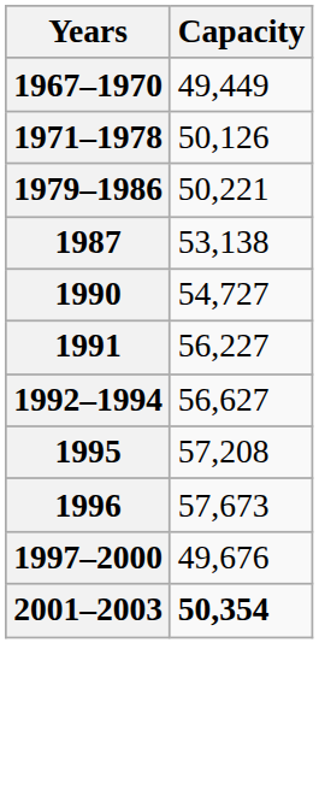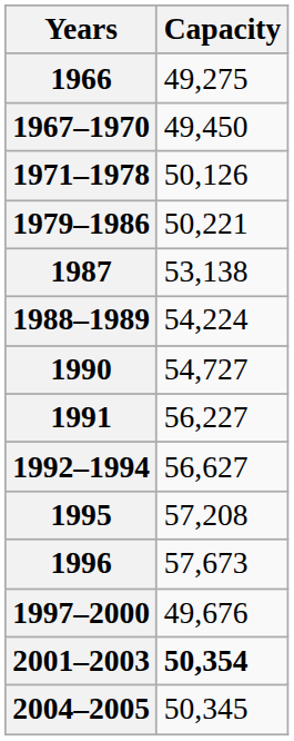 <table class="wikitable">
 <tr>
 <th scope="row">Years</th>
 <th scope="row">Capacity</th>
 </tr>
 <tr>
+<th scope="row">1966</th>
+<td>49,275</td>
+</tr>
+<tr>
 <th scope="row">1967–1970</th>
-<td>49,449</td>
+<td>49,450</td>
 </tr>
 <tr>
 <th scope="row">1971–1978</th>
 <td>50,126</td>
 </tr>
 <tr>
 <th scope="row">1979–1986</th>
 <td>50,221</td>
 </tr>
 <tr>
 <th scope="row">1987</th>
 <td>53,138</td>
+</tr>
+<tr>
+<th scope="row">1988–1989</th>
+<td>54,224</td>
 </tr>
 <tr>
 <th scope="row">1990</th>
 <td>54,727</td>
 </tr>
 <tr>
 <th scope="row">1991</th>
 <td>56,227</td>
 </tr>
 <tr>
 <th scope="row">1992–1994</th>
 <td>56,627</td>
 </tr>
 <tr>
 <th scope="row">1995</th>
 <td>57,208</td>
 </tr>
 <tr>
 <th scope="row">1996</th>
 <td>57,673</td>
 </tr>
 <tr>
 <th scope="row">1997–2000</th>
 <td>49,676</td>
 </tr>
 <tr>
 <th scope="row">2001–2003</th>
 <td><strong>50,354</strong></td>
 </tr>
+<tr>
+<th scope="row">2004–2005</th>
+<td>50,345</td>
+</tr>
 </table>
